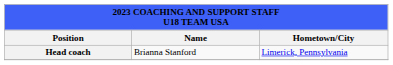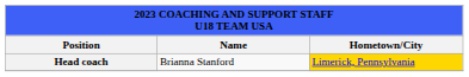 <table class="wikitable" style="text-align:left; font-size:90%;">
 <tr>
 <th style=background:#3E60F7 colspan=3>2023 COACHING AND SUPPORT STAFF<br>U18 TEAM USA</th>
 </tr>
 <tr>
 <th align=left width=200>Position</th>
 <th align=left width=200>Name</th>
 <th align=left width=200>Hometown/City</th>
 </tr>
 <tr>
 <th align=left>Head coach</th>
 <td>Brianna Stanford</td>
-<td><a href='#'>Limerick, Pennsylvania</a></td>
+<td style="background: gold;"><a href='#'>Limerick, Pennsylvania</a></td>
 </tr>
 <tr bgcolor=#f0f0f0>
 </tr>
 </table>
